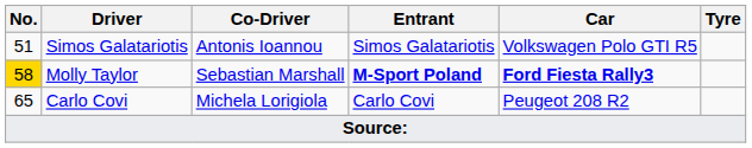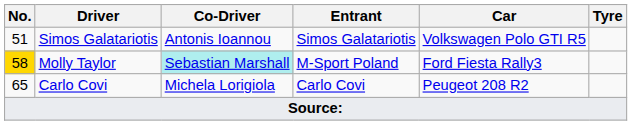 <table class="wikitable" style="font-size: 85%;">
 <tr>
 <th>No.</th>
 <th>Driver</th>
 <th>Co-Driver</th>
 <th>Entrant</th>
 <th>Car</th>
 <th>Tyre</th>
 </tr>
 <tr>
 <td align="center">51</td>
 <td> <a href='#'>Simos Galatariotis</a></td>
 <td> <a href='#'>Antonis Ioannou</a></td>
 <td> <a href='#'>Simos Galatariotis</a></td>
 <td><a href='#'>Volkswagen Polo GTI R5</a></td>
 <td align="center"></td>
 </tr>
 <tr>
 <td align="center" style="background: gold;">58</td>
 <td> <a href='#'>Molly Taylor</a></td>
-<td> <a href='#'>Sebastian Marshall</a></td>
-<td><strong> <a href='#'>M-Sport Poland</a></strong></td>
-<td><strong><a href='#'>Ford Fiesta Rally3</a></strong></td>
+<td style="background: paleturquoise;"> <a href='#'>Sebastian Marshall</a></td>
+<td> <a href='#'>M-Sport Poland</a></td>
+<td><a href='#'>Ford Fiesta Rally3</a></td>
 <td align="center"></td>
 </tr>
 <tr>
 <td align="center">65</td>
 <td> <a href='#'>Carlo Covi</a></td>
 <td> <a href='#'>Michela Lorigiola</a></td>
 <td> <a href='#'>Carlo Covi</a></td>
 <td><a href='#'>Peugeot 208 R2</a></td>
 <td align="center"></td>
 </tr>
 <tr>
 <td colspan="6" style="background-color:#EAECF0;text-align:center"><strong>Source:</strong></td>
 </tr>
 </table>
